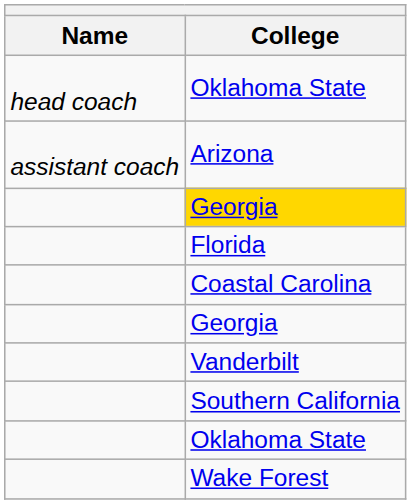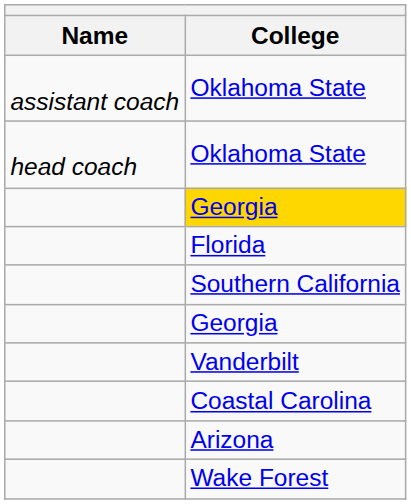 <table class="wikitable sortable">
 <tr>
 <th colspan=2></th>
 </tr>
 <tr>
 <th>Name</th>
 <th>College</th>
 </tr>
 <tr>
-<td><br><em>head coach</em></td>
+<td><br><em>assistant coach</em></td>
 <td><a href='#'>Oklahoma State</a></td>
 </tr>
 <tr>
-<td><br><em>assistant coach</em></td>
-<td><a href='#'>Arizona</a></td>
+<td><br><em>head coach</em></td>
+<td><a href='#'>Oklahoma State</a></td>
 </tr>
 <tr>
 <td></td>
 <td style="background: gold;"><a href='#'>Georgia</a></td>
 </tr>
 <tr>
 <td></td>
 <td><a href='#'>Florida</a></td>
 </tr>
 <tr>
 <td></td>
-<td><a href='#'>Coastal Carolina</a></td>
+<td><a href='#'>Southern California</a></td>
 </tr>
 <tr>
 <td></td>
 <td><a href='#'>Georgia</a></td>
 </tr>
 <tr>
 <td></td>
 <td><a href='#'>Vanderbilt</a></td>
 </tr>
 <tr>
 <td></td>
-<td><a href='#'>Southern California</a></td>
+<td><a href='#'>Coastal Carolina</a></td>
 </tr>
 <tr>
 <td></td>
-<td><a href='#'>Oklahoma State</a></td>
+<td><a href='#'>Arizona</a></td>
 </tr>
 <tr>
 <td></td>
 <td><a href='#'>Wake Forest</a></td>
 </tr>
 </table>
